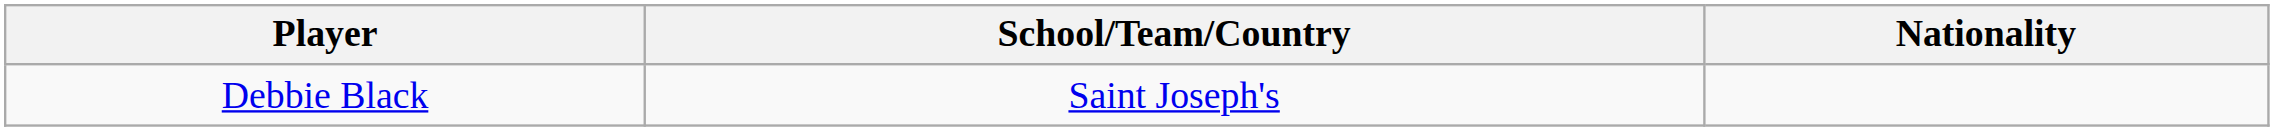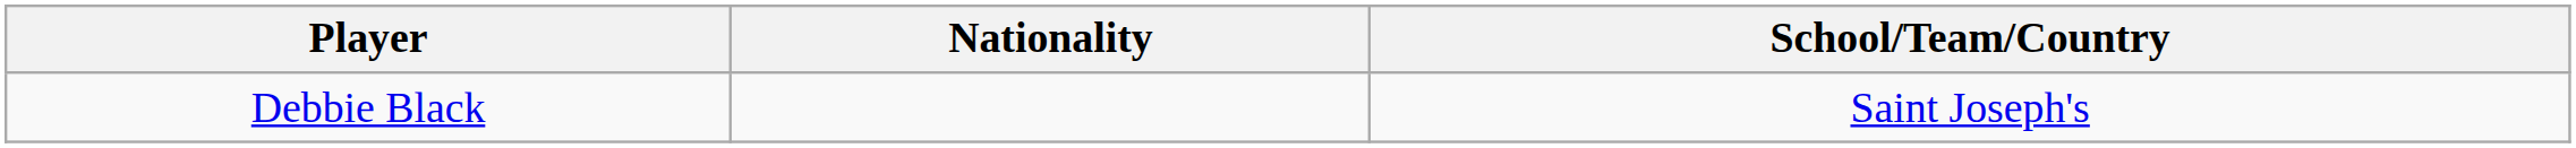 <table class="wikitable" style="text-align:center; width:60em">
 <tr>
 <th>Player</th>
+<th>Nationality</th>
 <th>School/Team/Country</th>
-<th>Nationality</th>
 </tr>
 <tr>
 <td><a href='#'>Debbie Black</a></td>
+<td></td>
 <td><a href='#'>Saint Joseph's</a></td>
-<td></td>
 </tr>
 </table>
